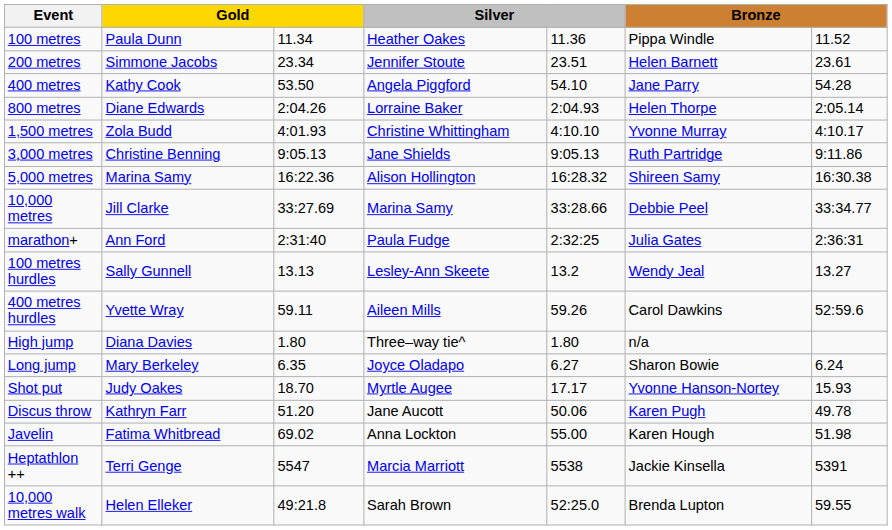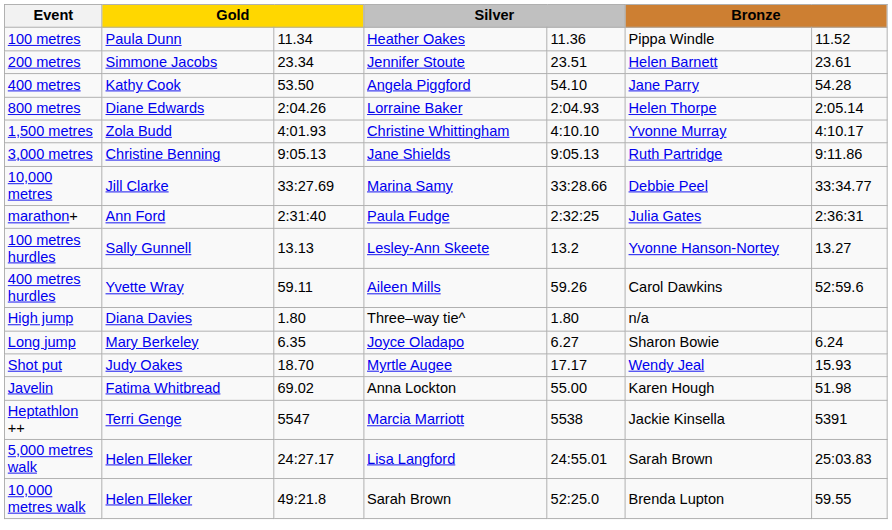 <table class="wikitable" style="text-align:left">
 <tr>
 <th width=100>Event</th>
 <th colspan="2" width="280" style="background:gold;">Gold</th>
 <th colspan="2" width="280" style="background:silver;">Silver</th>
 <th colspan="2" width="280" style="background:#CD7F32;">Bronze</th>
 </tr>
 <tr>
 <td><a href='#'>100 metres</a></td>
 <td><a href='#'>Paula Dunn</a></td>
 <td>11.34</td>
 <td><a href='#'>Heather Oakes</a></td>
 <td>11.36</td>
 <td>Pippa Windle</td>
 <td>11.52</td>
 </tr>
 <tr>
 <td><a href='#'>200 metres</a></td>
 <td><a href='#'>Simmone Jacobs</a></td>
 <td>23.34</td>
 <td><a href='#'>Jennifer Stoute</a></td>
 <td>23.51</td>
 <td><a href='#'>Helen Barnett</a></td>
 <td>23.61</td>
 </tr>
 <tr>
 <td><a href='#'>400 metres</a></td>
 <td><a href='#'>Kathy Cook</a></td>
 <td>53.50</td>
 <td><a href='#'>Angela Piggford</a></td>
 <td>54.10</td>
 <td><a href='#'>Jane Parry</a></td>
 <td>54.28</td>
 </tr>
 <tr>
 <td><a href='#'>800 metres</a></td>
 <td><a href='#'>Diane Edwards</a></td>
 <td>2:04.26</td>
 <td><a href='#'>Lorraine Baker</a></td>
 <td>2:04.93</td>
 <td><a href='#'>Helen Thorpe</a></td>
 <td>2:05.14</td>
 </tr>
 <tr>
 <td><a href='#'>1,500 metres</a></td>
 <td><a href='#'>Zola Budd</a></td>
 <td>4:01.93</td>
 <td> <a href='#'>Christine Whittingham</a></td>
 <td>4:10.10</td>
 <td> <a href='#'>Yvonne Murray</a></td>
 <td>4:10.17</td>
 </tr>
 <tr>
 <td><a href='#'>3,000 metres</a></td>
 <td><a href='#'>Christine Benning</a></td>
 <td>9:05.13</td>
 <td><a href='#'>Jane Shields</a></td>
 <td>9:05.13</td>
 <td><a href='#'>Ruth Partridge</a></td>
 <td>9:11.86</td>
 </tr>
 <tr>
-<td><a href='#'>5,000 metres</a></td>
-<td><a href='#'>Marina Samy</a></td>
-<td>16:22.36</td>
-<td><a href='#'>Alison Hollington</a></td>
-<td>16:28.32</td>
-<td><a href='#'>Shireen Samy</a></td>
-<td>16:30.38</td>
-</tr>
-<tr>
 <td><a href='#'>10,000 metres</a></td>
 <td><a href='#'>Jill Clarke</a></td>
 <td>33:27.69</td>
 <td><a href='#'>Marina Samy</a></td>
 <td>33:28.66</td>
 <td><a href='#'>Debbie Peel</a></td>
 <td>33:34.77</td>
 </tr>
 <tr>
 <td><a href='#'>marathon</a>+</td>
 <td><a href='#'>Ann Ford</a></td>
 <td>2:31:40</td>
 <td><a href='#'>Paula Fudge</a></td>
 <td>2:32:25</td>
 <td><a href='#'>Julia Gates</a></td>
 <td>2:36:31</td>
 </tr>
 <tr>
 <td><a href='#'>100 metres hurdles</a></td>
 <td><a href='#'>Sally Gunnell</a></td>
 <td>13.13</td>
 <td><a href='#'>Lesley-Ann Skeete</a></td>
 <td>13.2</td>
-<td><a href='#'>Wendy Jeal</a></td>
+<td><a href='#'>Yvonne Hanson-Nortey</a></td>
 <td>13.27</td>
 </tr>
 <tr>
 <td><a href='#'>400 metres hurdles</a></td>
 <td><a href='#'>Yvette Wray</a></td>
 <td>59.11</td>
 <td><a href='#'>Aileen Mills</a></td>
 <td>59.26</td>
 <td>Carol Dawkins</td>
 <td>52:59.6</td>
 </tr>
 <tr>
 <td><a href='#'>High jump</a></td>
 <td><a href='#'>Diana Davies</a></td>
 <td>1.80</td>
 <td>Three–way tie^</td>
 <td>1.80</td>
 <td>n/a</td>
 </tr>
 <tr>
 <td><a href='#'>Long jump</a></td>
 <td><a href='#'>Mary Berkeley</a></td>
 <td>6.35</td>
 <td><a href='#'>Joyce Oladapo</a></td>
 <td>6.27</td>
 <td>Sharon Bowie</td>
 <td>6.24</td>
 </tr>
 <tr>
 <td><a href='#'>Shot put</a></td>
 <td><a href='#'>Judy Oakes</a></td>
 <td>18.70</td>
 <td><a href='#'>Myrtle Augee</a></td>
 <td>17.17</td>
-<td><a href='#'>Yvonne Hanson-Nortey</a></td>
+<td><a href='#'>Wendy Jeal</a></td>
 <td>15.93</td>
-</tr>
-<tr>
-<td><a href='#'>Discus throw</a></td>
-<td><a href='#'>Kathryn Farr</a></td>
-<td>51.20</td>
-<td>Jane Aucott</td>
-<td>50.06</td>
-<td><a href='#'>Karen Pugh</a></td>
-<td>49.78</td>
 </tr>
 <tr>
 <td><a href='#'>Javelin</a></td>
 <td><a href='#'>Fatima Whitbread</a></td>
 <td>69.02</td>
 <td>Anna Lockton</td>
 <td>55.00</td>
 <td>Karen Hough</td>
 <td>51.98</td>
 </tr>
 <tr>
 <td><a href='#'>Heptathlon</a> ++</td>
 <td> <a href='#'>Terri Genge</a></td>
 <td>5547</td>
 <td><a href='#'>Marcia Marriott</a></td>
 <td>5538</td>
 <td>Jackie Kinsella</td>
 <td>5391</td>
 </tr>
 <tr>
+<td><a href='#'>5,000 metres walk</a></td>
+<td><a href='#'>Helen Elleker</a></td>
+<td>24:27.17</td>
+<td><a href='#'>Lisa Langford</a></td>
+<td>24:55.01</td>
+<td>Sarah Brown</td>
+<td>25:03.83</td>
+</tr>
+<tr>
 <td><a href='#'>10,000 metres walk</a></td>
 <td><a href='#'>Helen Elleker</a></td>
 <td>49:21.8</td>
 <td>Sarah Brown</td>
 <td>52:25.0</td>
 <td>Brenda Lupton</td>
 <td>59.55</td>
 </tr>
 </table>
